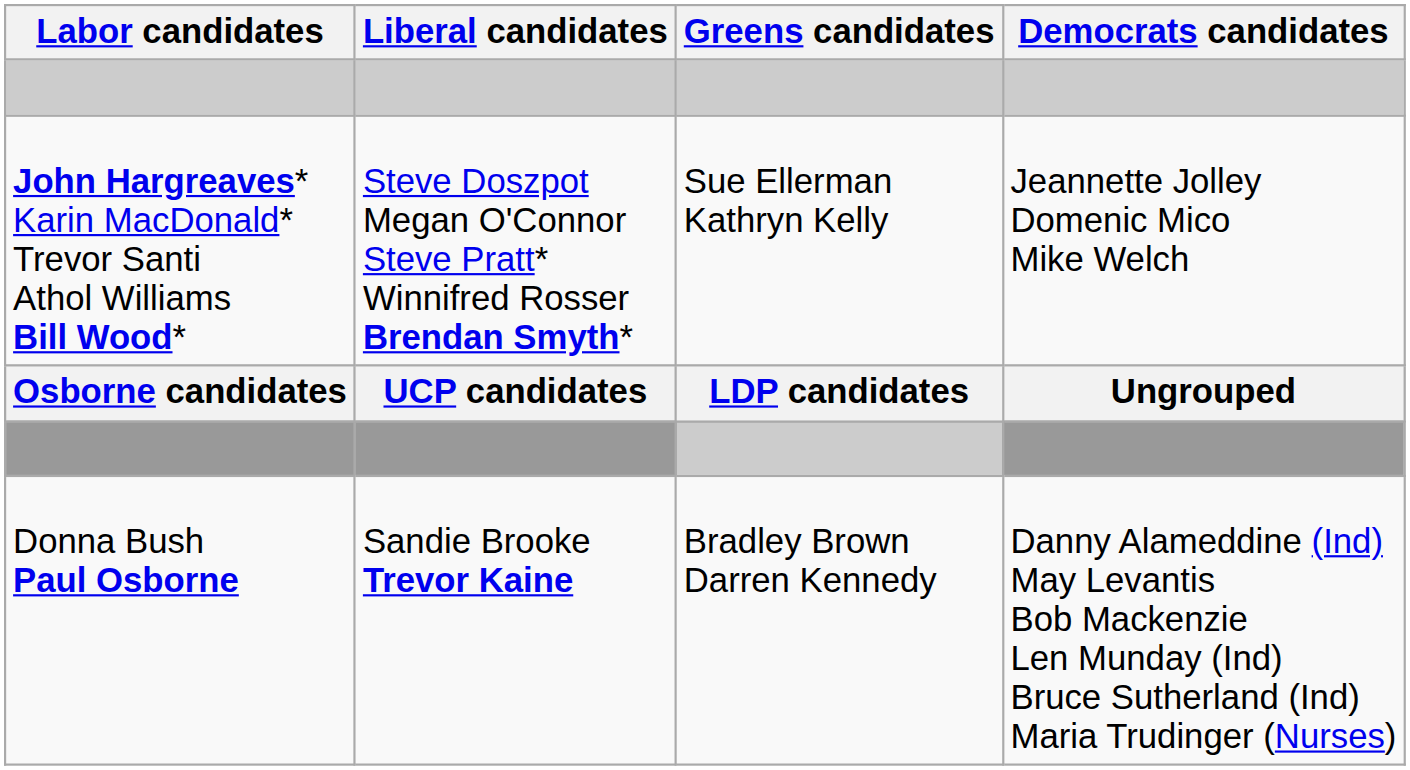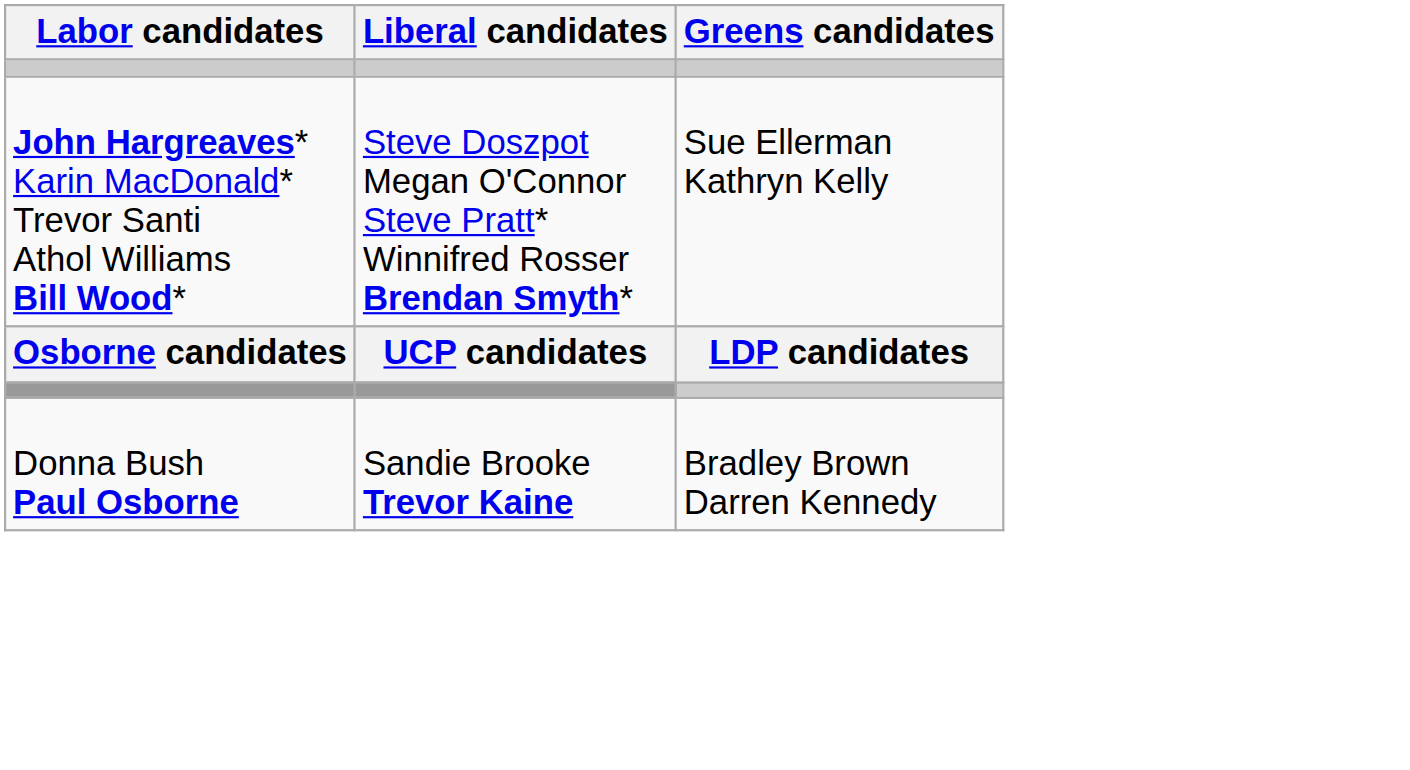 <table class="wikitable">
 <tr>
 <th><a href='#'>Labor</a> candidates</th>
 <th><a href='#'>Liberal</a> candidates</th>
 <th><a href='#'>Greens</a> candidates</th>
-<th><a href='#'>Democrats</a> candidates</th>
 </tr>
 <tr style="background:#ccc;">
 <td></td>
 <td></td>
 <td></td>
-<td> </td>
 </tr>
 <tr>
 <td><br><strong><a href='#'>John Hargreaves</a></strong>* <br> <a href='#'>Karin MacDonald</a>* <br> Trevor Santi <br> Athol Williams <br> <strong><a href='#'>Bill Wood</a></strong>*</td>
 <td><br><a href='#'>Steve Doszpot</a> <br> Megan O'Connor <br> <a href='#'>Steve Pratt</a>* <br> Winnifred Rosser <br> <strong><a href='#'>Brendan Smyth</a></strong>*</td>
 <td valign=top><br>Sue Ellerman <br> Kathryn Kelly</td>
-<td valign=top><br>Jeannette Jolley <br> Domenic Mico <br> Mike Welch</td>
 </tr>
 <tr style="background:#ccc;">
 <th><a href='#'>Osborne</a> candidates</th>
 <th><a href='#'>UCP</a> candidates</th>
 <th><a href='#'>LDP</a> candidates</th>
-<th>Ungrouped</th>
 </tr>
 <tr style="background:#ccc;">
 <td style="background:#999;"></td>
 <td style="background:#999;"></td>
 <td></td>
-<td style="background:#999;"> </td>
 </tr>
 <tr>
 <td valign=top><br>Donna Bush <br> <strong><a href='#'>Paul Osborne</a></strong></td>
 <td valign=top><br>Sandie Brooke <br> <strong><a href='#'>Trevor Kaine</a></strong></td>
 <td valign=top><br>Bradley Brown <br> Darren Kennedy</td>
-<td valign=top><br>Danny Alameddine <a href='#'>(Ind)</a> <br> May Levantis <br> Bob Mackenzie <br> Len Munday (Ind) <br> Bruce Sutherland (Ind) <br> Maria Trudinger (<a href='#'>Nurses</a>)</td>
 </tr>
 </table>
